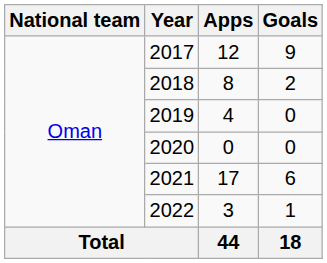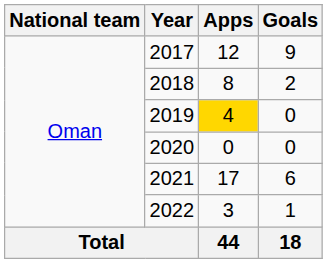 <table class="wikitable" style="text-align:center">
 <tr>
 <th>National team</th>
 <th>Year</th>
 <th>Apps</th>
 <th>Goals</th>
 </tr>
 <tr>
 <td rowspan="6"><a href='#'>Oman</a></td>
 <td>2017</td>
 <td>12</td>
 <td>9</td>
 </tr>
 <tr>
 <td>2018</td>
 <td>8</td>
 <td>2</td>
 </tr>
 <tr>
 <td>2019</td>
-<td>4</td>
+<td style="background: gold;">4</td>
 <td>0</td>
 </tr>
 <tr>
 <td>2020</td>
 <td>0</td>
 <td>0</td>
 </tr>
 <tr>
 <td>2021</td>
 <td>17</td>
 <td>6</td>
 </tr>
 <tr>
 <td>2022</td>
 <td>3</td>
 <td>1</td>
 </tr>
 <tr>
 <th colspan="2">Total</th>
 <th>44</th>
 <th>18</th>
 </tr>
 </table>
